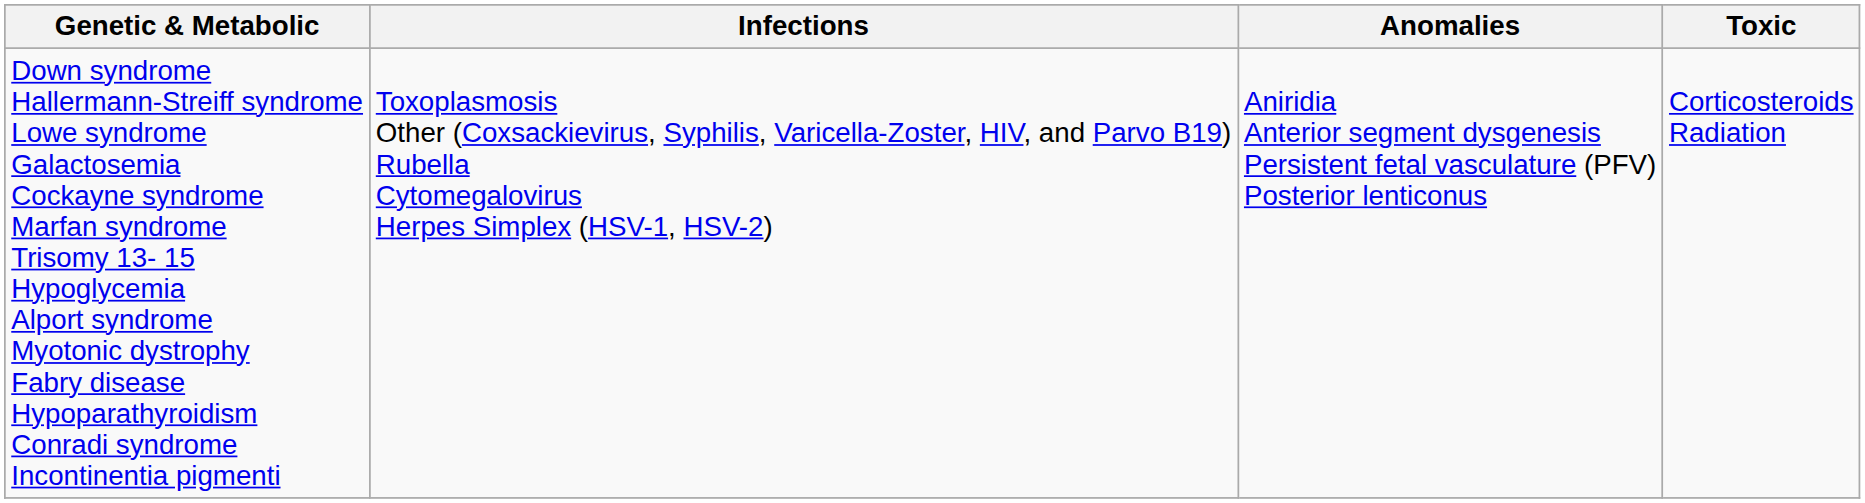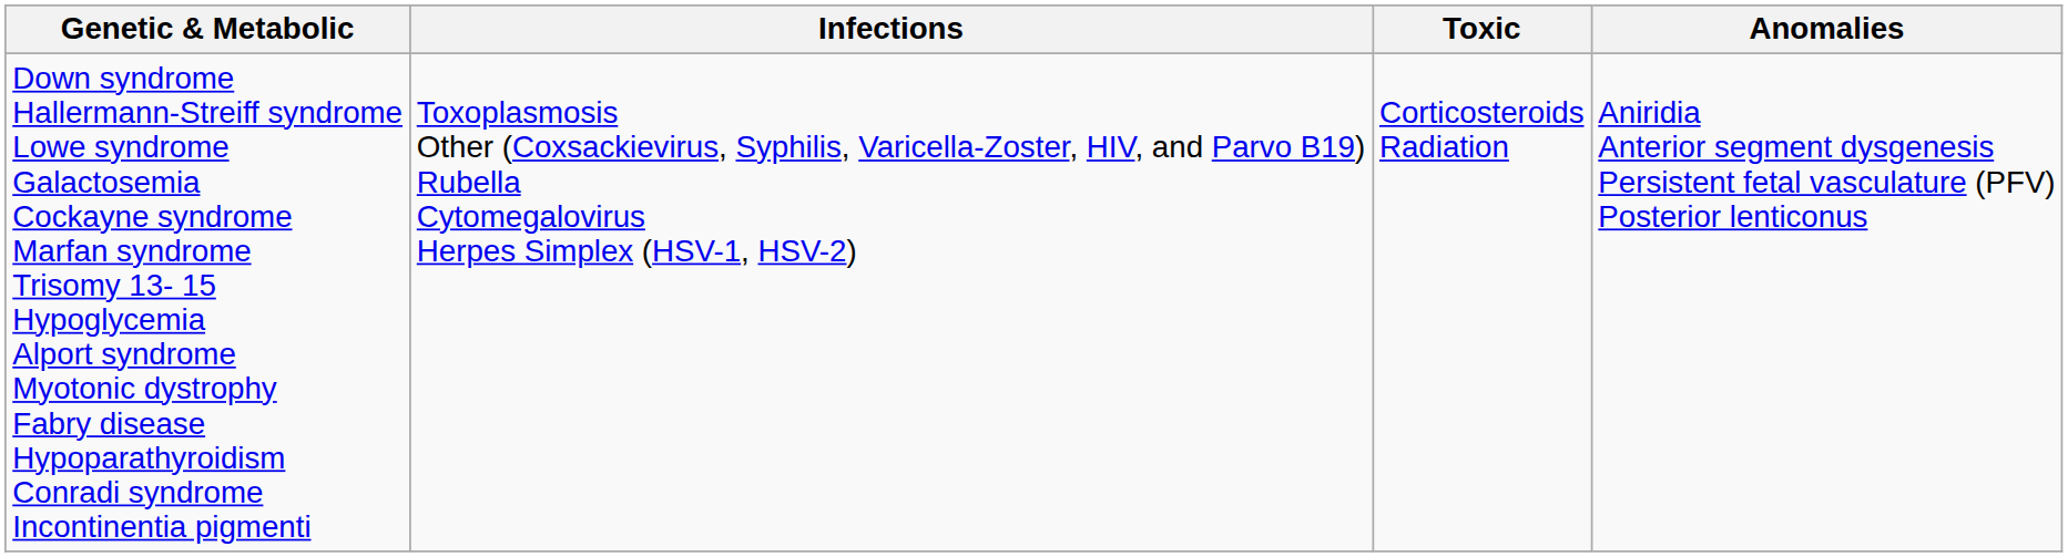 <table class="wikitable">
 <tr>
 <th>Genetic & Metabolic</th>
 <th>Infections</th>
+<th>Toxic</th>
 <th>Anomalies</th>
-<th>Toxic</th>
 </tr>
 <tr>
 <td><a href='#'>Down syndrome</a><br><a href='#'>Hallermann-Streiff syndrome</a><br><a href='#'>Lowe syndrome</a><br><a href='#'>Galactosemia</a><br><a href='#'>Cockayne syndrome</a><br><a href='#'>Marfan syndrome</a><br><a href='#'>Trisomy 13- 15</a><br><a href='#'>Hypoglycemia</a><br><a href='#'>Alport syndrome</a><br><a href='#'>Myotonic dystrophy</a><br><a href='#'>Fabry disease</a><br><a href='#'>Hypoparathyroidism</a><br><a href='#'>Conradi syndrome</a><br><a href='#'>Incontinentia pigmenti</a></td>
 <td valign="top"><br><a href='#'>Toxoplasmosis</a><br>Other (<a href='#'>Coxsackievirus</a>, <a href='#'>Syphilis</a>, <a href='#'>Varicella-Zoster</a>, <a href='#'>HIV</a>, and <a href='#'>Parvo B19</a>)<br><a href='#'>Rubella</a><br><a href='#'>Cytomegalovirus</a><br><a href='#'>Herpes Simplex</a> (<a href='#'>HSV-1</a>, <a href='#'>HSV-2</a>)</td>
+<td valign="top"><br><a href='#'>Corticosteroids</a><br><a href='#'>Radiation</a></td>
 <td valign="top"><br><a href='#'>Aniridia</a><br><a href='#'>Anterior segment dysgenesis</a><br><a href='#'>Persistent fetal vasculature</a> (PFV)<br><a href='#'>Posterior lenticonus</a></td>
-<td valign="top"><br><a href='#'>Corticosteroids</a><br><a href='#'>Radiation</a></td>
 </tr>
 </table>
